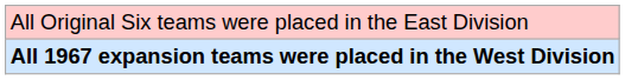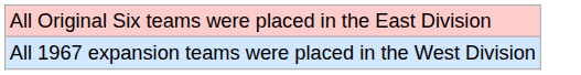 <table class="wikitable">
 <tr>
 <td style="background-color:#FFCCCC;">All Original Six teams were placed in the East Division</td>
 </tr>
 <tr>
-<td style="background-color:#D0E7FF;"><strong>All 1967 expansion teams were placed in the West Division</strong></td>
+<td style="background-color:#D0E7FF;">All 1967 expansion teams were placed in the West Division</td>
 </tr>
 </table>
